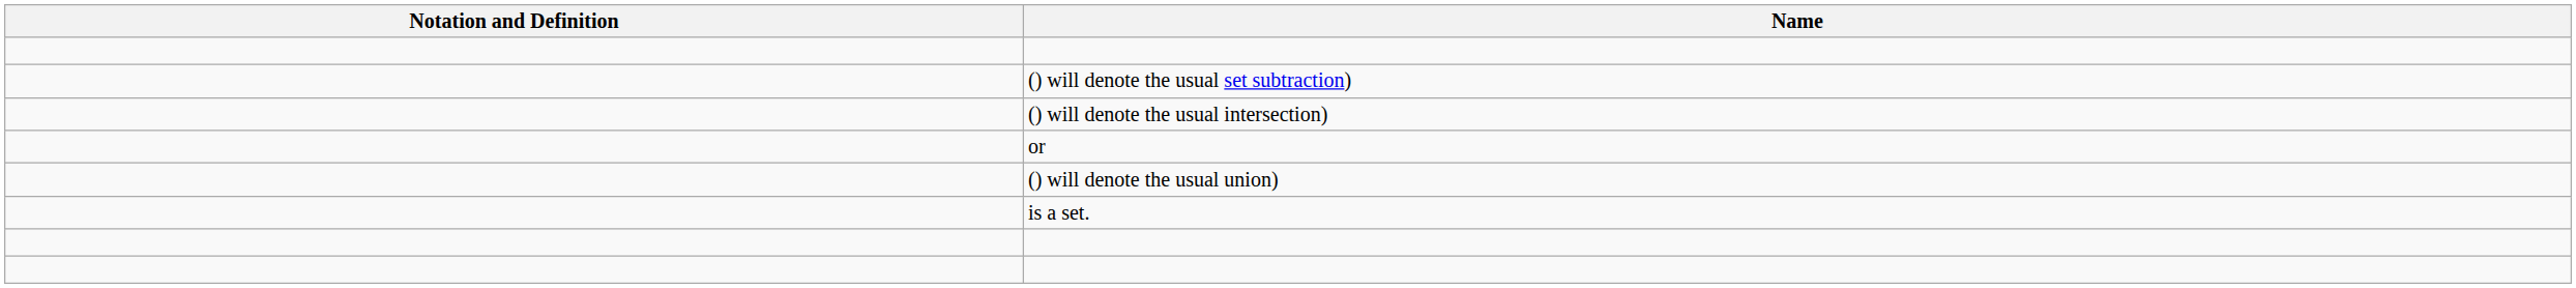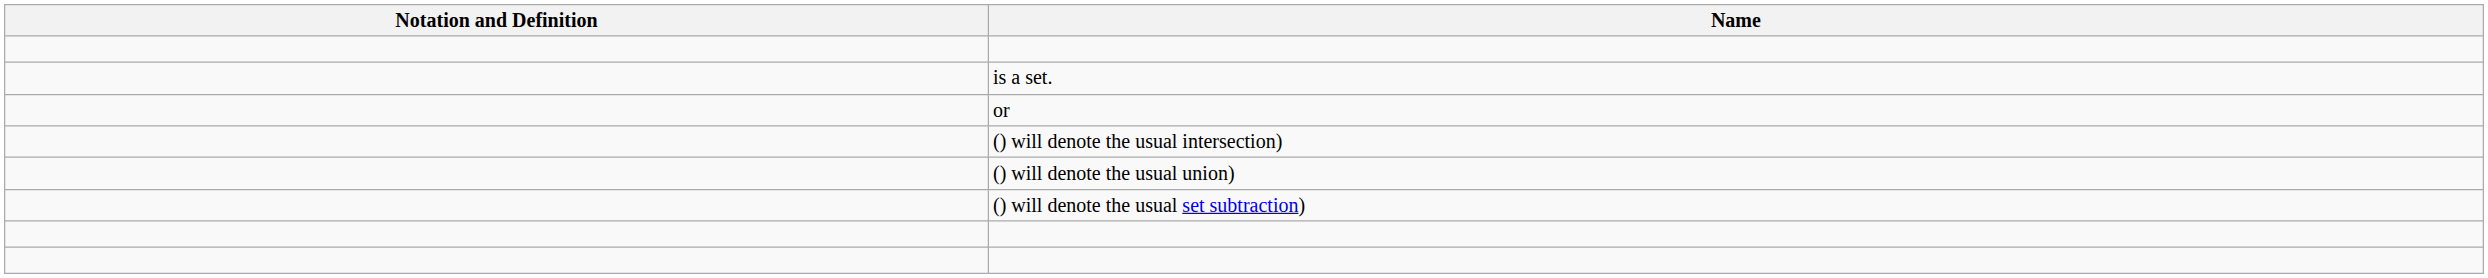 <table class="wikitable" style="width: 100%;">
 <tr>
 <th>Notation and Definition</th>
 <th>Name</th>
 </tr>
 <tr>
 <td style="padding:0.5% 0 0.5% 2em;"></td>
 <td></td>
 </tr>
 <tr>
 <td style="padding:0.5% 0 0.5% 2em;"></td>
-<td> ()  will denote the usual <a href='#'>set subtraction</a>)</td>
+<td> is a set.</td>
+</tr>
+<tr>
+<td style="padding:0.5% 0 0.5% 2em;"></td>
+<td> or </td>
 </tr>
 <tr>
 <td style="padding:0.5% 0 0.5% 2em;"></td>
 <td> ()  will denote the usual intersection)</td>
 </tr>
 <tr>
 <td style="padding:0.5% 0 0.5% 2em;"></td>
-<td> or </td>
-</tr>
-<tr>
-<td style="padding:0.5% 0 0.5% 2em;"></td>
 <td> ()  will denote the usual union)</td>
 </tr>
 <tr>
 <td style="padding:0.5% 0 0.5% 2em;"></td>
-<td> is a set.</td>
+<td> ()  will denote the usual <a href='#'>set subtraction</a>)</td>
 </tr>
 <tr>
 <td style="padding:0.5% 0 0.5% 2em;"></td>
 <td></td>
 </tr>
 <tr>
 <td style="padding:0.5% 0 0.5% 2em;"></td>
 <td></td>
 </tr>
 </table>
